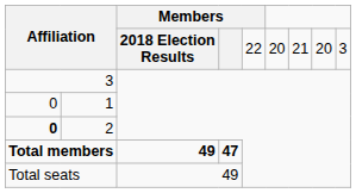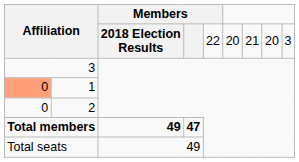 <table class="wikitable" style="text-align:right;">
 <tr>
 <th colspan=2 rowspan=2>Affiliation</th>
 <th colspan=3>Members</th>
 </tr>
 <tr>
 <th>2018 Election<br>Results</th>
 <th><br></th>
 <td>22</td>
 <td>20<br> </td>
 <td>21</td>
 <td>20<br> </td>
 <td colspan=2>3<br></td>
 </tr>
 <tr>
 <td colspan=2>3<br></td>
 </tr>
 <tr>
-<td>0</td>
+<td style="background: lightsalmon;">0</td>
 <td>1<br></td>
 </tr>
 <tr>
-<td><strong>0</strong></td>
+<td>0</td>
 <td>2<br></td>
 </tr>
 <tr>
 <td style="text-align:left;" colspan=2><strong>Total members</strong></td>
 <td colspan=1><strong>49</strong></td>
 <td><strong>47</strong><br></td>
 </tr>
 <tr>
 <td style="text-align:left;" colspan=2>Total seats</td>
 <td colspan=2>49</td>
 </tr>
 </table>
